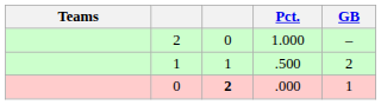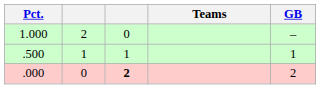 <table class="wikitable" width="400" style="text-align:center;">
 <tr>
-<th width="20%">Teams</th>
+<th width="8%"><a href='#'>Pct.</a></th>
 <th width="7%"></th>
 <th width="7%"></th>
-<th width="8%"><a href='#'>Pct.</a></th>
+<th width="20%">Teams</th>
 <th width="7%"><a href='#'>GB</a></th>
 </tr>
 <tr style="background-color:#cfc">
-<td align=left></td>
+<td>1.000</td>
 <td>2</td>
 <td>0</td>
-<td>1.000</td>
+<td align=left></td>
 <td>–</td>
 </tr>
 <tr style="background-color:#cfc">
+<td>.500</td>
+<td>1</td>
+<td>1</td>
 <td align=left></td>
 <td>1</td>
-<td>1</td>
-<td>.500</td>
+</tr>
+<tr style="background-color:#fcc">
+<td>.000</td>
+<td>0</td>
+<td><strong>2</strong></td>
+<td align=left></td>
 <td>2</td>
 </tr>
-<tr style="background-color:#fcc">
-<td align=left></td>
-<td>0</td>
-<td><strong>2</strong></td>
-<td>.000</td>
-<td>1</td>
-</tr>
 </table>
